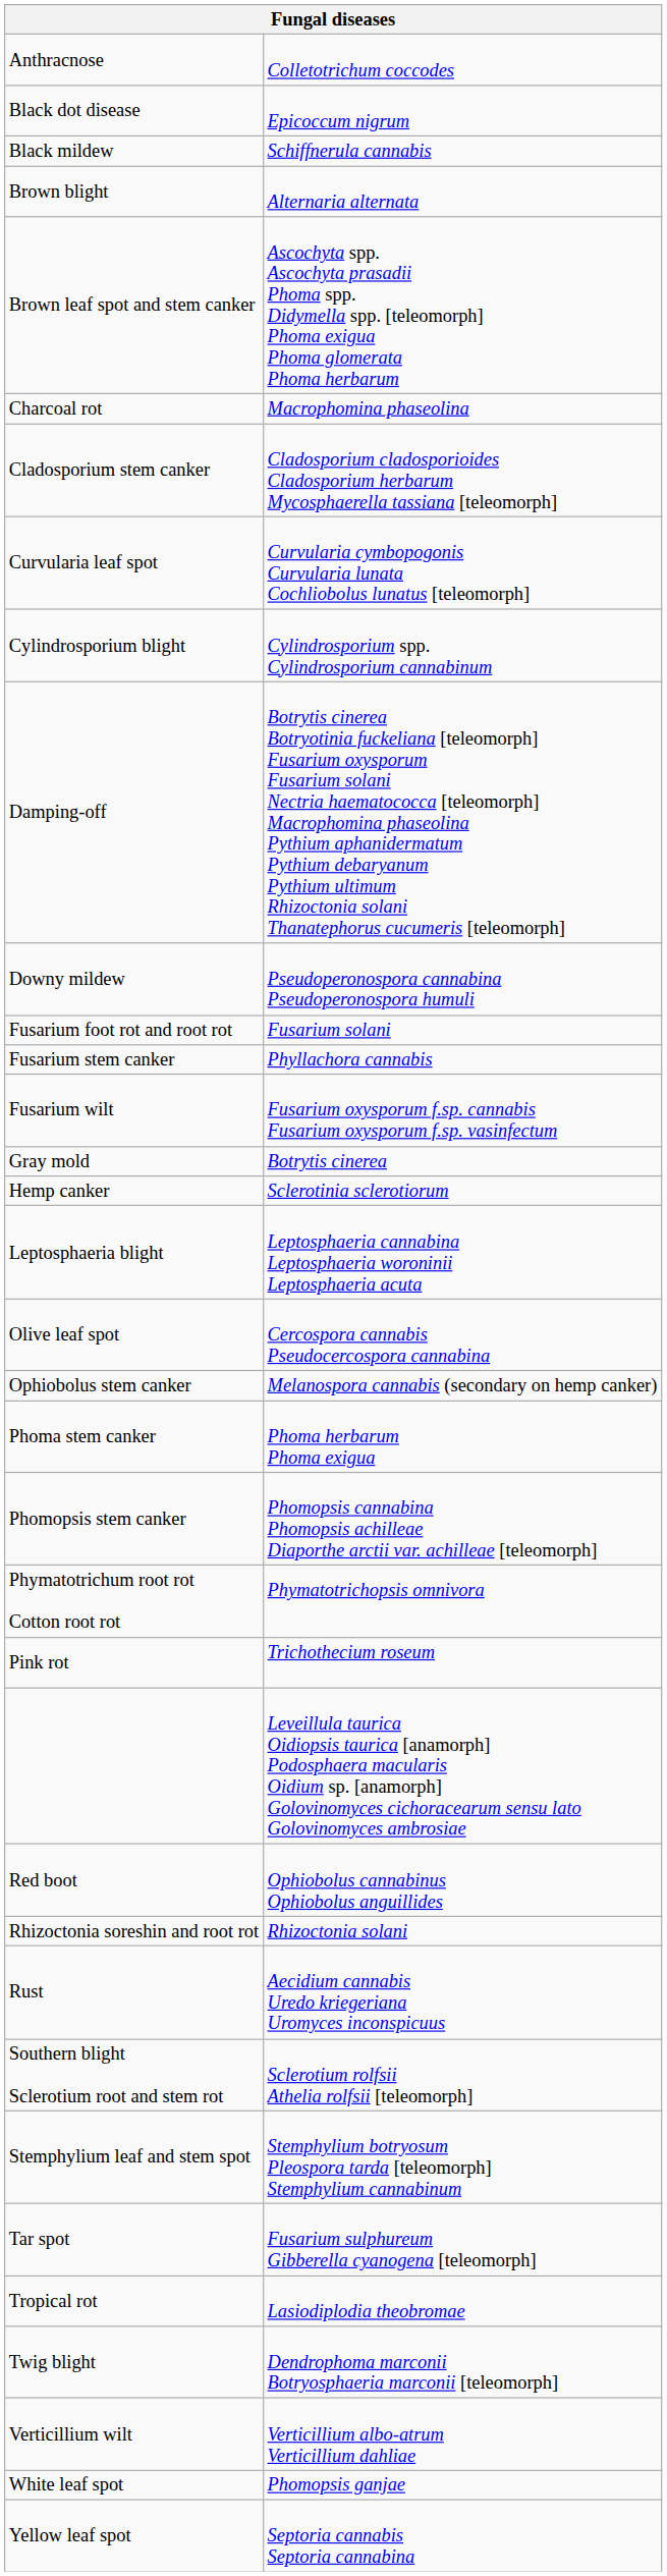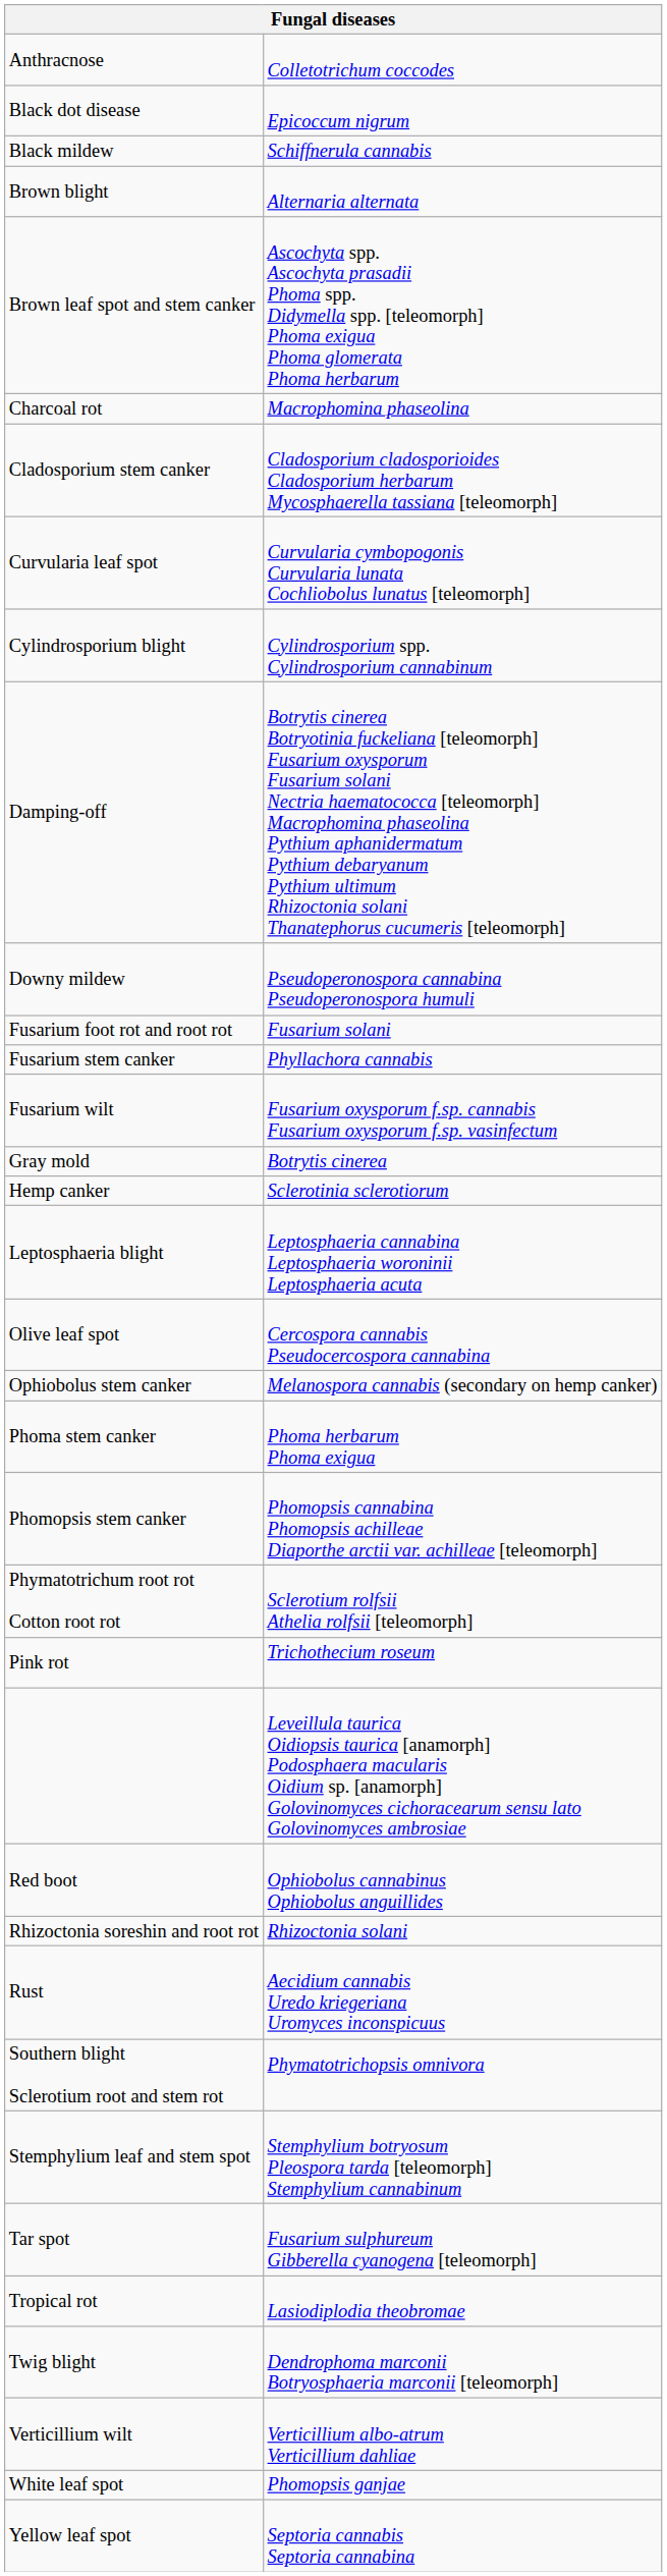 <table class="wikitable" style="clear">
 <tr>
 <th colspan=2><strong>Fungal diseases</strong><br></th>
 </tr>
 <tr>
 <td>Anthracnose</td>
 <td><br><em><a href='#'>Colletotrichum coccodes</a></em> <br></td>
 </tr>
 <tr>
 <td>Black dot disease</td>
 <td><br><em><a href='#'>Epicoccum nigrum</a></em> <br></td>
 </tr>
 <tr>
 <td>Black mildew</td>
 <td><em><a href='#'>Schiffnerula cannabis</a></em></td>
 </tr>
 <tr>
 <td>Brown blight</td>
 <td><br><em><a href='#'>Alternaria alternata</a></em> <br></td>
 </tr>
 <tr>
 <td>Brown leaf spot and stem canker</td>
 <td><br><em><a href='#'>Ascochyta</a></em> spp. <br> <em><a href='#'>Ascochyta prasadii</a></em><br> <em><a href='#'>Phoma</a></em> spp. <br> <em><a href='#'>Didymella</a></em> spp. [teleomorph] <br> <em><a href='#'>Phoma exigua</a></em><br> <em><a href='#'>Phoma glomerata</a></em><br> <em><a href='#'>Phoma herbarum</a></em></td>
 </tr>
 <tr>
 <td>Charcoal rot</td>
 <td><em><a href='#'>Macrophomina phaseolina</a></em></td>
 </tr>
 <tr>
 <td>Cladosporium stem canker</td>
 <td><br><em><a href='#'>Cladosporium cladosporioides</a></em><br> <em><a href='#'>Cladosporium herbarum</a></em><br> <em><a href='#'>Mycosphaerella tassiana</a></em> [teleomorph]</td>
 </tr>
 <tr>
 <td>Curvularia leaf spot</td>
 <td><br><em><a href='#'>Curvularia cymbopogonis</a></em><br> <em><a href='#'>Curvularia lunata</a></em><br> <em><a href='#'>Cochliobolus lunatus</a></em> [teleomorph]</td>
 </tr>
 <tr>
 <td>Cylindrosporium blight</td>
 <td><br><em><a href='#'>Cylindrosporium</a></em> spp. <br> <em><a href='#'>Cylindrosporium cannabinum</a></em></td>
 </tr>
 <tr>
 <td>Damping-off</td>
 <td><br><em><a href='#'>Botrytis cinerea</a></em><br> <em><a href='#'>Botryotinia fuckeliana</a></em> [teleomorph] <br> <em><a href='#'>Fusarium oxysporum</a></em><br> <em><a href='#'>Fusarium solani</a></em><br> <em><a href='#'>Nectria haematococca</a></em> [teleomorph] <br> <em><a href='#'>Macrophomina phaseolina</a></em><br> <em><a href='#'>Pythium aphanidermatum</a></em><br> <em><a href='#'>Pythium debaryanum</a></em><br> <em><a href='#'>Pythium ultimum</a></em><br> <em><a href='#'>Rhizoctonia solani</a></em><br> <em><a href='#'>Thanatephorus cucumeris</a></em> [teleomorph] <br></td>
 </tr>
 <tr>
 <td>Downy mildew</td>
 <td><br><em><a href='#'>Pseudoperonospora cannabina</a></em><br> <em><a href='#'>Pseudoperonospora humuli</a></em></td>
 </tr>
 <tr>
 <td>Fusarium foot rot and root rot</td>
 <td><em><a href='#'>Fusarium solani</a></em></td>
 </tr>
 <tr>
 <td>Fusarium stem canker</td>
 <td><em><a href='#'>Phyllachora cannabis</a></em></td>
 </tr>
 <tr>
 <td>Fusarium wilt</td>
 <td><br><em><a href='#'>Fusarium oxysporum f.sp. cannabis</a></em><br> <em><a href='#'>Fusarium oxysporum f.sp. vasinfectum</a></em></td>
 </tr>
 <tr>
 <td>Gray mold</td>
 <td><em><a href='#'>Botrytis cinerea</a></em></td>
 </tr>
 <tr>
 <td>Hemp canker</td>
 <td><em><a href='#'>Sclerotinia sclerotiorum</a></em></td>
 </tr>
 <tr>
 <td>Leptosphaeria blight</td>
 <td><br><em><a href='#'>Leptosphaeria cannabina</a></em><br> <em><a href='#'>Leptosphaeria woroninii</a></em><br> <em><a href='#'>Leptosphaeria acuta</a></em></td>
 </tr>
 <tr>
 <td>Olive leaf spot</td>
 <td><br><em><a href='#'>Cercospora cannabis</a></em><br> <em><a href='#'>Pseudocercospora cannabina</a></em></td>
 </tr>
 <tr>
 <td>Ophiobolus stem canker</td>
 <td><em><a href='#'>Melanospora cannabis</a></em> (secondary on hemp canker)</td>
 </tr>
 <tr>
 <td>Phoma stem canker</td>
 <td><br><em><a href='#'>Phoma herbarum</a></em><br> <em><a href='#'>Phoma exigua</a></em></td>
 </tr>
 <tr>
 <td>Phomopsis stem canker</td>
 <td><br><em><a href='#'>Phomopsis cannabina</a></em><br> <em><a href='#'>Phomopsis achilleae</a></em><br> <em><a href='#'>Diaporthe arctii var. achilleae</a></em> [teleomorph]</td>
 </tr>
 <tr>
 <td>Phymatotrichum root rot<br><br>Cotton root rot</td>
-<td><em><a href='#'>Phymatotrichopsis omnivora</a></em> <br><br></td>
+<td><br><em><a href='#'>Sclerotium rolfsii</a></em><br> <em><a href='#'>Athelia rolfsii</a></em> [teleomorph]</td>
 </tr>
 <tr>
 <td>Pink rot</td>
 <td><em><a href='#'>Trichothecium roseum</a></em> <br><br></td>
 </tr>
 <tr>
 <td> <br><br></td>
 <td><br><em><a href='#'>Leveillula taurica</a></em> <br> <em><a href='#'>Oidiopsis taurica</a></em> [anamorph] <br> <em><a href='#'>Podosphaera macularis</a></em> <br><em><a href='#'>Oidium</a></em> sp. [anamorph]<br><em><a href='#'>Golovinomyces cichoracearum sensu lato</a></em> <br> <em><a href='#'>Golovinomyces ambrosiae</a></em></td>
 </tr>
 <tr>
 <td>Red boot</td>
 <td><br><em><a href='#'>Ophiobolus cannabinus</a></em><br> <em><a href='#'>Ophiobolus anguillides</a></em></td>
 </tr>
 <tr>
 <td>Rhizoctonia soreshin and root rot</td>
 <td><em><a href='#'>Rhizoctonia solani</a></em></td>
 </tr>
 <tr>
 <td>Rust</td>
 <td><br><em><a href='#'>Aecidium cannabis</a></em><br> <em><a href='#'>Uredo kriegeriana</a></em><br> <em><a href='#'>Uromyces inconspicuus</a></em></td>
 </tr>
 <tr>
 <td>Southern blight<br><br>Sclerotium root and stem rot</td>
-<td><br><em><a href='#'>Sclerotium rolfsii</a></em><br> <em><a href='#'>Athelia rolfsii</a></em> [teleomorph]</td>
+<td><em><a href='#'>Phymatotrichopsis omnivora</a></em> <br><br></td>
 </tr>
 <tr>
 <td>Stemphylium leaf and stem spot</td>
 <td><br><em><a href='#'>Stemphylium botryosum</a></em><br> <em><a href='#'>Pleospora tarda</a></em> [teleomorph] <br> <em><a href='#'>Stemphylium cannabinum</a></em></td>
 </tr>
 <tr>
 <td>Tar spot</td>
 <td><br><em><a href='#'>Fusarium sulphureum</a></em><br> <em><a href='#'>Gibberella cyanogena</a></em> [teleomorph] <br></td>
 </tr>
 <tr>
 <td>Tropical rot</td>
 <td><br><em><a href='#'>Lasiodiplodia theobromae</a></em> <br></td>
 </tr>
 <tr>
 <td>Twig blight</td>
 <td><br><em><a href='#'>Dendrophoma marconii</a></em><br> <em><a href='#'>Botryosphaeria marconii</a></em> [teleomorph]</td>
 </tr>
 <tr>
 <td>Verticillium wilt</td>
 <td><br><em><a href='#'>Verticillium albo-atrum</a></em><br> <em><a href='#'>Verticillium dahliae</a></em></td>
 </tr>
 <tr>
 <td>White leaf spot</td>
 <td><em><a href='#'>Phomopsis ganjae</a></em></td>
 </tr>
 <tr>
 <td>Yellow leaf spot</td>
 <td><br><em><a href='#'>Septoria cannabis</a></em><br> <em><a href='#'>Septoria cannabina</a></em></td>
 </tr>
 <tr>
 </tr>
 </table>
